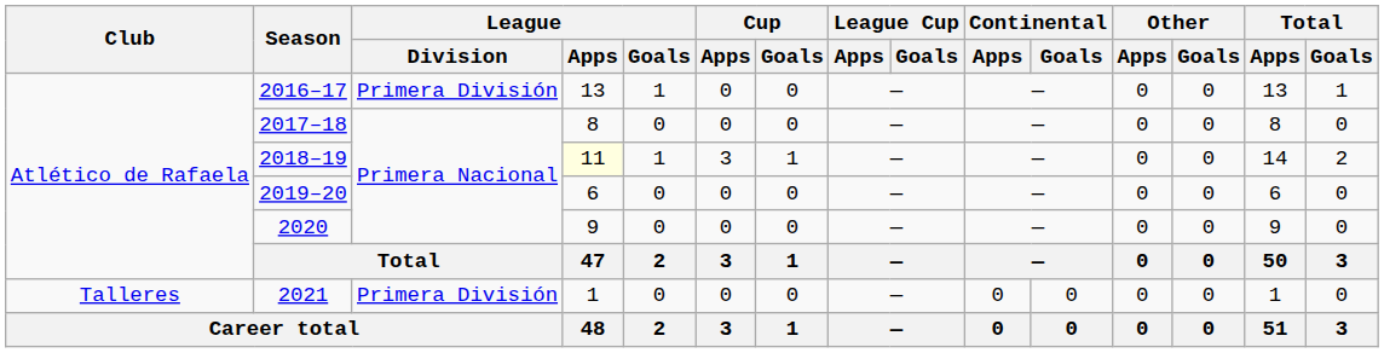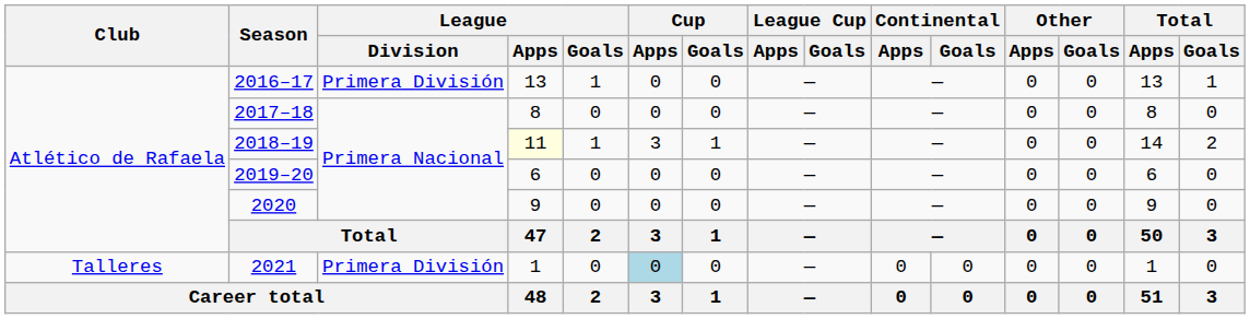 <table class="wikitable" style="text-align:center">
 <tr>
 <th rowspan="2">Club</th>
 <th rowspan="2">Season</th>
 <th colspan="3">League</th>
 <th colspan="2">Cup</th>
 <th colspan="2">League Cup</th>
 <th colspan="2">Continental</th>
 <th colspan="2">Other</th>
 <th colspan="2">Total</th>
 </tr>
 <tr>
 <th>Division</th>
 <th>Apps</th>
 <th>Goals</th>
 <th>Apps</th>
 <th>Goals</th>
 <th>Apps</th>
 <th>Goals</th>
 <th>Apps</th>
 <th>Goals</th>
 <th>Apps</th>
 <th>Goals</th>
 <th>Apps</th>
 <th>Goals</th>
 </tr>
 <tr>
 <td rowspan="6"><a href='#'>Atlético de Rafaela</a></td>
 <td><a href='#'>2016–17</a></td>
 <td rowspan="1"><a href='#'>Primera División</a></td>
 <td>13</td>
 <td>1</td>
 <td>0</td>
 <td>0</td>
 <td colspan="2">—</td>
 <td colspan="2">—</td>
 <td>0</td>
 <td>0</td>
 <td>13</td>
 <td>1</td>
 </tr>
 <tr>
 <td><a href='#'>2017–18</a></td>
 <td rowspan="4"><a href='#'>Primera Nacional</a></td>
 <td>8</td>
 <td>0</td>
 <td>0</td>
 <td>0</td>
 <td colspan="2">—</td>
 <td colspan="2">—</td>
 <td>0</td>
 <td>0</td>
 <td>8</td>
 <td>0</td>
 </tr>
 <tr>
 <td><a href='#'>2018–19</a></td>
 <td style="background: lightyellow;">11</td>
 <td>1</td>
 <td>3</td>
 <td>1</td>
 <td colspan="2">—</td>
 <td colspan="2">—</td>
 <td>0</td>
 <td>0</td>
 <td>14</td>
 <td>2</td>
 </tr>
 <tr>
 <td><a href='#'>2019–20</a></td>
 <td>6</td>
 <td>0</td>
 <td>0</td>
 <td>0</td>
 <td colspan="2">—</td>
 <td colspan="2">—</td>
 <td>0</td>
 <td>0</td>
 <td>6</td>
 <td>0</td>
 </tr>
 <tr>
 <td><a href='#'>2020</a></td>
 <td>9</td>
 <td>0</td>
 <td>0</td>
 <td>0</td>
 <td colspan="2">—</td>
 <td colspan="2">—</td>
 <td>0</td>
 <td>0</td>
 <td>9</td>
 <td>0</td>
 </tr>
 <tr>
 <th colspan="2">Total</th>
 <th>47</th>
 <th>2</th>
 <th>3</th>
 <th>1</th>
 <th colspan="2">—</th>
 <th colspan="2">—</th>
 <th>0</th>
 <th>0</th>
 <th>50</th>
 <th>3</th>
 </tr>
 <tr>
 <td rowspan="1"><a href='#'>Talleres</a></td>
 <td><a href='#'>2021</a></td>
 <td rowspan="1"><a href='#'>Primera División</a></td>
 <td>1</td>
 <td>0</td>
-<td>0</td>
+<td style="background: lightblue;">0</td>
 <td>0</td>
 <td colspan="2">—</td>
 <td>0</td>
 <td>0</td>
 <td>0</td>
 <td>0</td>
 <td>1</td>
 <td>0</td>
 </tr>
 <tr>
 <th colspan="3">Career total</th>
 <th>48</th>
 <th>2</th>
 <th>3</th>
 <th>1</th>
 <th colspan="2">—</th>
 <th>0</th>
 <th>0</th>
 <th>0</th>
 <th>0</th>
 <th>51</th>
 <th>3</th>
 </tr>
 </table>
